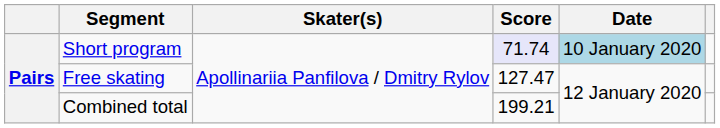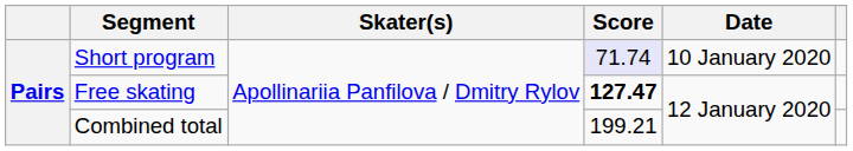 <table class="wikitable unsortable style="text-align:left">
 <tr>
 <th scope="col"></th>
 <th scope="col">Segment</th>
 <th scope="col">Skater(s)</th>
 <th scope="col">Score</th>
 <th scope="col">Date</th>
 <th scope="col"></th>
 </tr>
 <tr>
 <th scope="row" rowspan="3"><a href='#'>Pairs</a></th>
 <td><a href='#'>Short program</a></td>
 <td rowspan="3"> <a href='#'>Apollinariia Panfilova</a> / <a href='#'>Dmitry Rylov</a></td>
 <td style="background: lavender; text-align:center;">71.74</td>
-<td style="background: lightblue;">10 January 2020</td>
+<td>10 January 2020</td>
 <td></td>
 </tr>
 <tr>
 <td><a href='#'>Free skating</a></td>
-<td style="text-align:center;">127.47</td>
+<td style="text-align:center;"><strong>127.47</strong></td>
 <td rowspan="2">12 January 2020</td>
 <td></td>
 </tr>
 <tr>
 <td>Combined total</td>
 <td style="text-align:center;">199.21</td>
 <td></td>
 </tr>
 </table>
